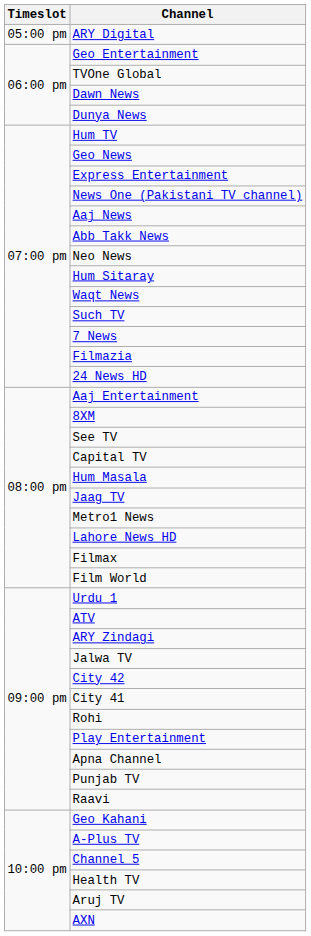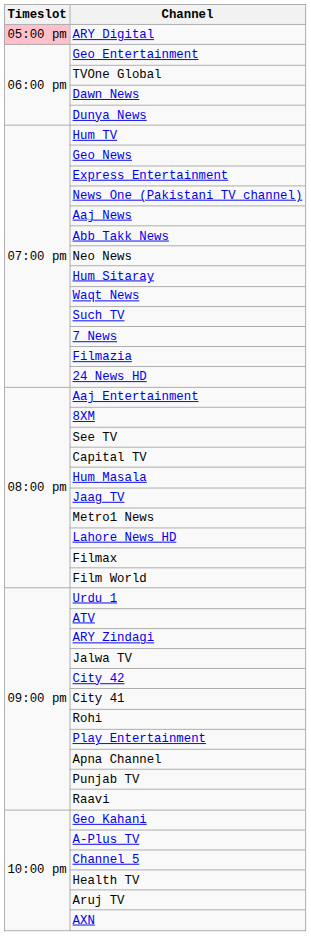 <table class="wikitable plainrowheaders sortable">
 <tr>
 <th>Timeslot</th>
 <th>Channel</th>
 </tr>
 <tr>
-<td>05:00 pm</td>
+<td style="background: pink;">05:00 pm</td>
 <td><a href='#'>ARY Digital</a></td>
 </tr>
 <tr>
 <td rowspan="4">06:00 pm</td>
 <td><a href='#'>Geo Entertainment</a></td>
 </tr>
 <tr>
 <td>TVOne Global</td>
 </tr>
 <tr>
 <td><a href='#'>Dawn News</a></td>
 </tr>
 <tr>
 <td><a href='#'>Dunya News</a></td>
 </tr>
 <tr>
 <td rowspan="13">07:00 pm</td>
 <td><a href='#'>Hum TV</a></td>
 </tr>
 <tr>
 <td><a href='#'>Geo News</a></td>
 </tr>
 <tr>
 <td><a href='#'>Express Entertainment</a></td>
 </tr>
 <tr>
 <td><a href='#'>News One (Pakistani TV channel)</a></td>
 </tr>
 <tr>
 <td><a href='#'>Aaj News</a></td>
 </tr>
 <tr>
 <td><a href='#'>Abb Takk News</a></td>
 </tr>
 <tr>
 <td>Neo News</td>
 </tr>
 <tr>
 <td><a href='#'>Hum Sitaray</a></td>
 </tr>
 <tr>
 <td><a href='#'>Waqt News</a></td>
 </tr>
 <tr>
 <td><a href='#'>Such TV</a></td>
 </tr>
 <tr>
 <td><a href='#'>7 News</a></td>
 </tr>
 <tr>
 <td><a href='#'>Filmazia</a></td>
 </tr>
 <tr>
 <td><a href='#'>24 News HD</a></td>
 </tr>
 <tr>
 <td rowspan="10">08:00 pm</td>
 <td><a href='#'>Aaj Entertainment</a></td>
 </tr>
 <tr>
 <td><a href='#'>8XM</a></td>
 </tr>
 <tr>
 <td>See TV</td>
 </tr>
 <tr>
 <td>Capital TV</td>
 </tr>
 <tr>
 <td><a href='#'>Hum Masala</a></td>
 </tr>
 <tr>
 <td><a href='#'>Jaag TV</a></td>
 </tr>
 <tr>
 <td>Metro1 News</td>
 </tr>
 <tr>
 <td><a href='#'>Lahore News HD</a></td>
 </tr>
 <tr>
 <td>Filmax</td>
 </tr>
 <tr>
 <td>Film World</td>
 </tr>
 <tr>
 <td rowspan="11">09:00 pm</td>
 <td><a href='#'>Urdu 1</a></td>
 </tr>
 <tr>
 <td><a href='#'>ATV</a></td>
 </tr>
 <tr>
 <td><a href='#'>ARY Zindagi</a></td>
 </tr>
 <tr>
 <td>Jalwa TV</td>
 </tr>
 <tr>
 <td><a href='#'>City 42</a></td>
 </tr>
 <tr>
 <td>City 41</td>
 </tr>
 <tr>
 <td>Rohi</td>
 </tr>
 <tr>
 <td><a href='#'>Play Entertainment</a></td>
 </tr>
 <tr>
 <td>Apna Channel</td>
 </tr>
 <tr>
 <td>Punjab TV</td>
 </tr>
 <tr>
 <td>Raavi</td>
 </tr>
 <tr>
 <td rowspan="6">10:00 pm</td>
 <td><a href='#'>Geo Kahani</a></td>
 </tr>
 <tr>
 <td><a href='#'>A-Plus TV</a></td>
 </tr>
 <tr>
 <td><a href='#'>Channel 5</a></td>
 </tr>
 <tr>
 <td>Health TV</td>
 </tr>
 <tr>
 <td>Aruj TV</td>
 </tr>
 <tr>
 <td><a href='#'>AXN</a></td>
 </tr>
 </table>
